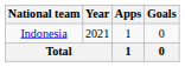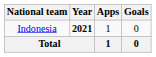 <table class="wikitable" style="text-align:center">
 <tr>
 <th>National team</th>
 <th>Year</th>
 <th>Apps</th>
 <th>Goals</th>
 </tr>
 <tr>
 <td><a href='#'>Indonesia</a></td>
-<td>2021</td>
+<td><strong>2021</strong></td>
 <td>1</td>
 <td>0</td>
 </tr>
 <tr>
 <th colspan=2>Total</th>
 <th>1</th>
 <th>0</th>
 </tr>
 </table>
